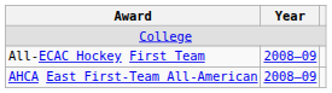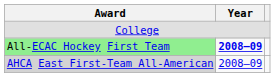 <table class="wikitable">
 <tr>
 <th>Award</th>
 <th>Year</th>
 <th></th>
 </tr>
 <tr ALIGN="center" bgcolor="#e0e0e0">
 <td colspan="3"><a href='#'>College</a></td>
 </tr>
 <tr>
-<td>All-<a href='#'>ECAC Hockey</a> <a href='#'>First Team</a></td>
-<td><a href='#'>2008–09</a></td>
+<td style="background: lightgreen;">All-<a href='#'>ECAC Hockey</a> <a href='#'>First Team</a></td>
+<td><strong><a href='#'>2008–09</a></strong></td>
 <td></td>
 </tr>
 <tr>
-<td><a href='#'>AHCA</a> <a href='#'>East First-Team All-American</a></td>
+<td style="background: lightgrey;"><a href='#'>AHCA</a> <a href='#'>East First-Team All-American</a></td>
 <td><a href='#'>2008–09</a></td>
 <td></td>
 </tr>
 </table>
